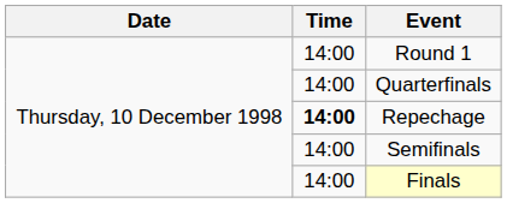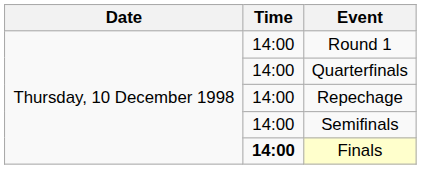 <table class = "wikitable" style="text-align:center;">
 <tr>
 <th width=220>Date</th>
 <th width=50>Time</th>
 <th width=100>Event</th>
 </tr>
 <tr>
 <td rowspan=5>Thursday, 10 December 1998</td>
 <td>14:00</td>
 <td>Round 1</td>
 </tr>
 <tr>
 <td>14:00</td>
 <td>Quarterfinals</td>
 </tr>
 <tr>
-<td><strong>14:00</strong></td>
+<td>14:00</td>
 <td>Repechage</td>
 </tr>
 <tr>
 <td>14:00</td>
 <td>Semifinals</td>
 </tr>
 <tr>
-<td>14:00</td>
+<td><strong>14:00</strong></td>
 <td bgcolor=ffffcc>Finals</td>
 </tr>
 </table>
